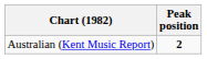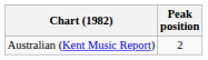 <table class="wikitable">
 <tr>
 <th>Chart (1982)</th>
 <th>Peak<br>position</th>
 </tr>
 <tr>
 <td>Australian (<a href='#'>Kent Music Report</a>)</td>
-<td align="center"><strong>2</strong></td>
+<td align="center">2</td>
 </tr>
 </table>
